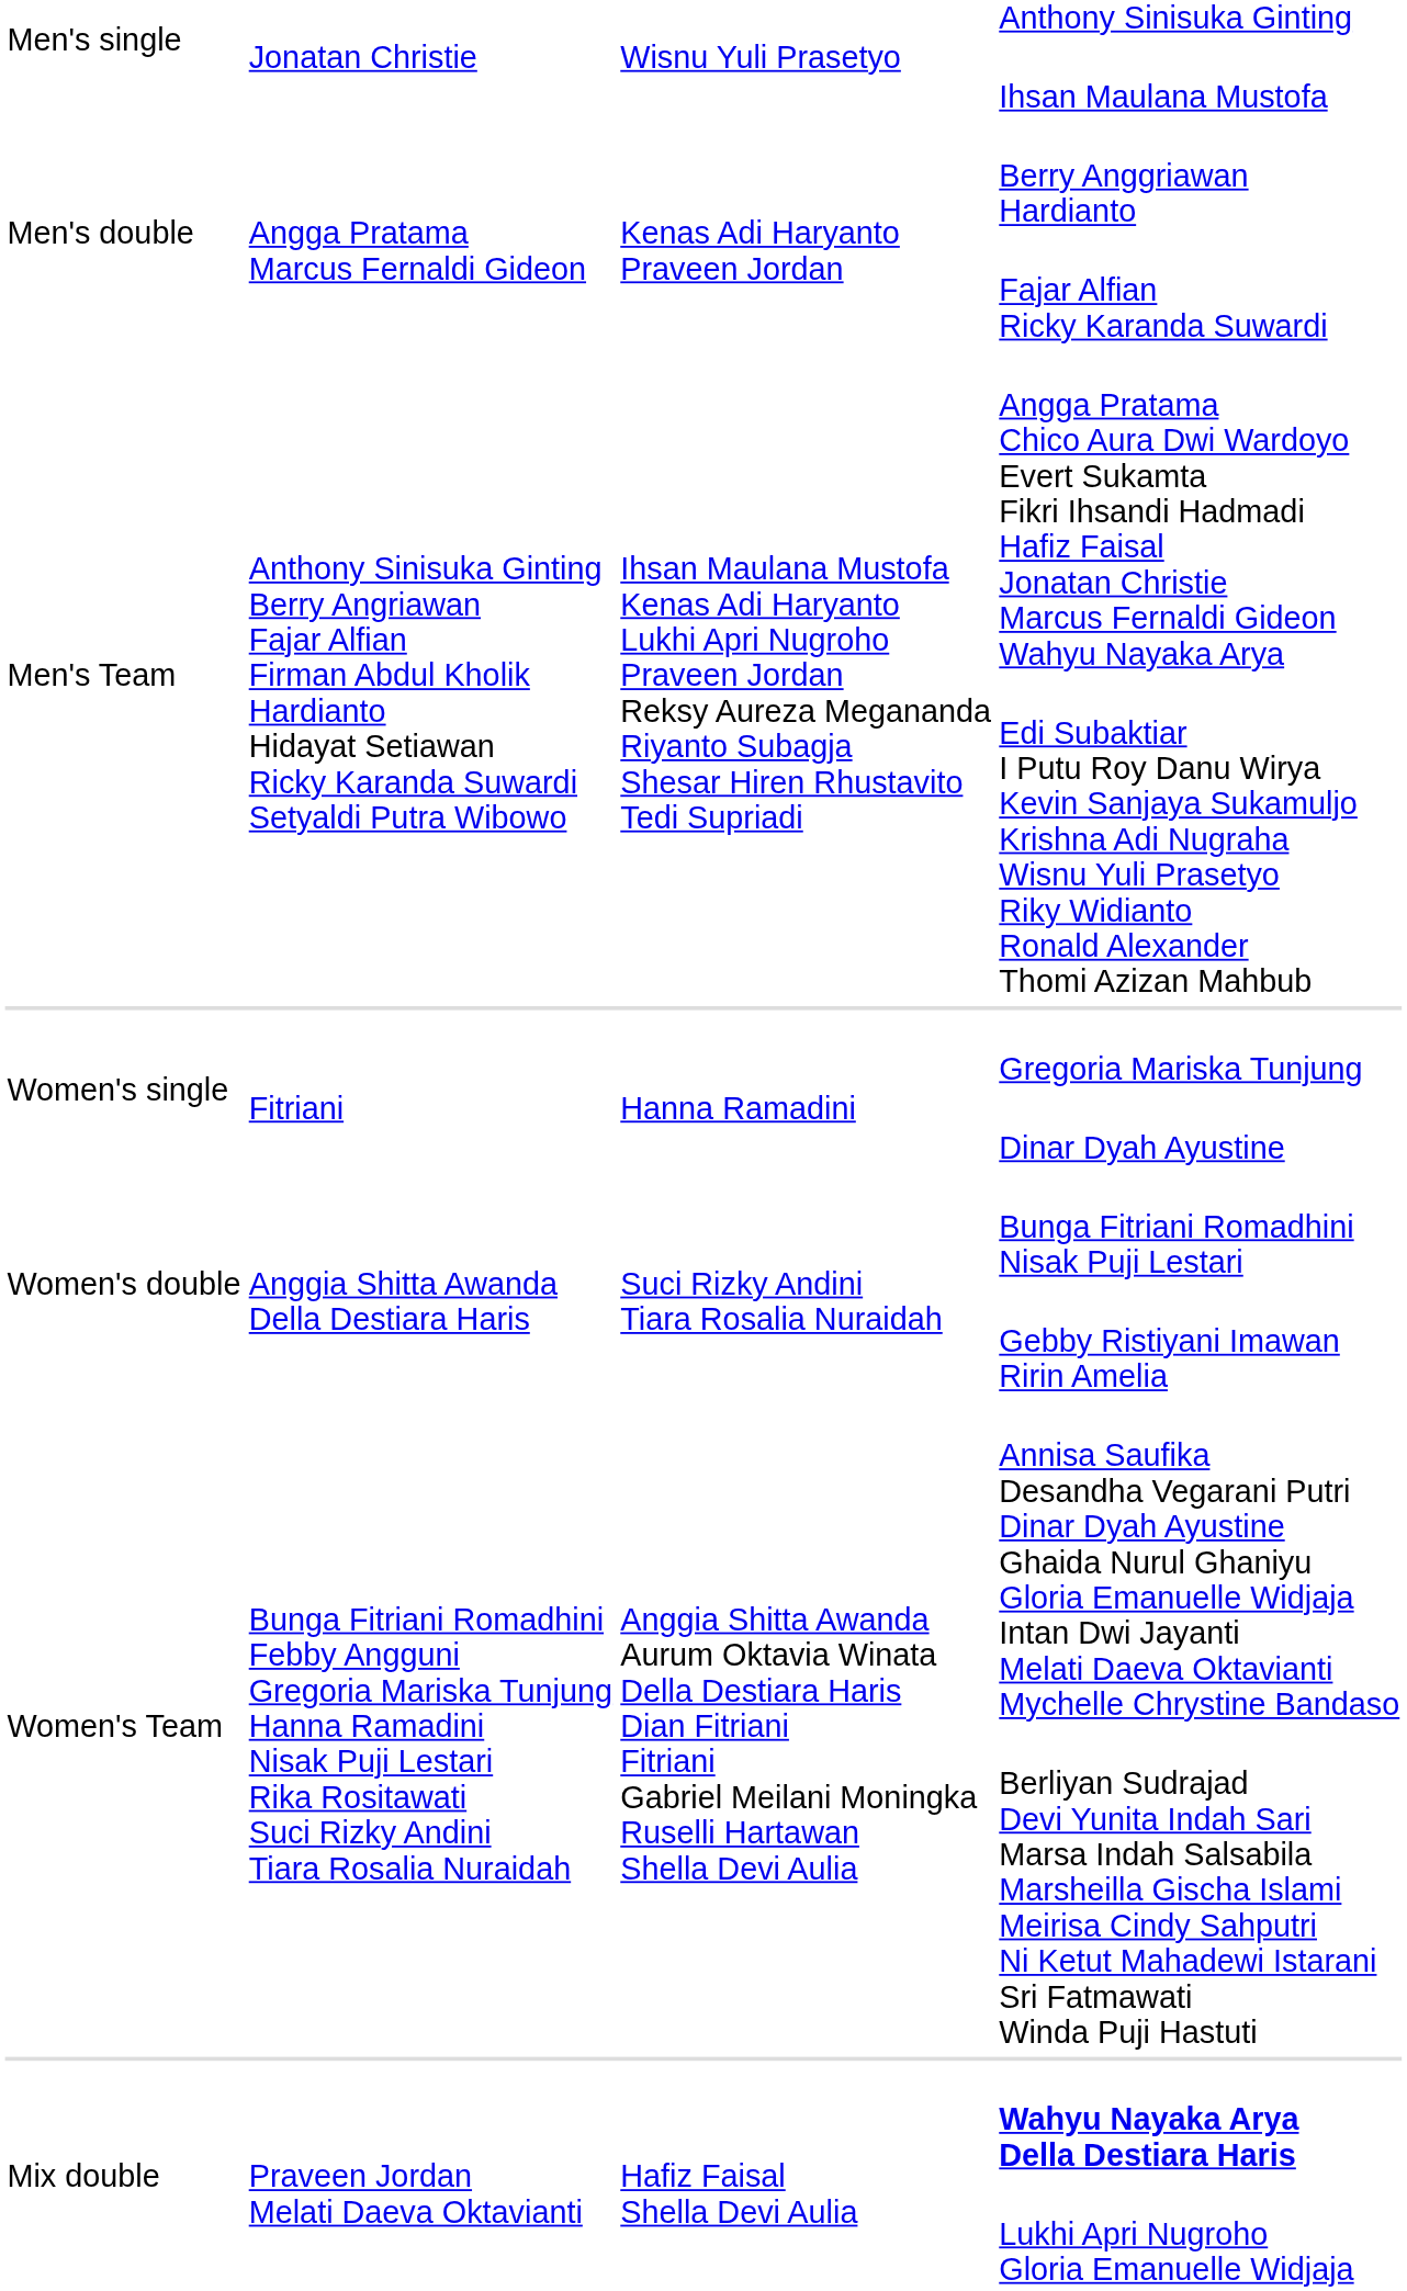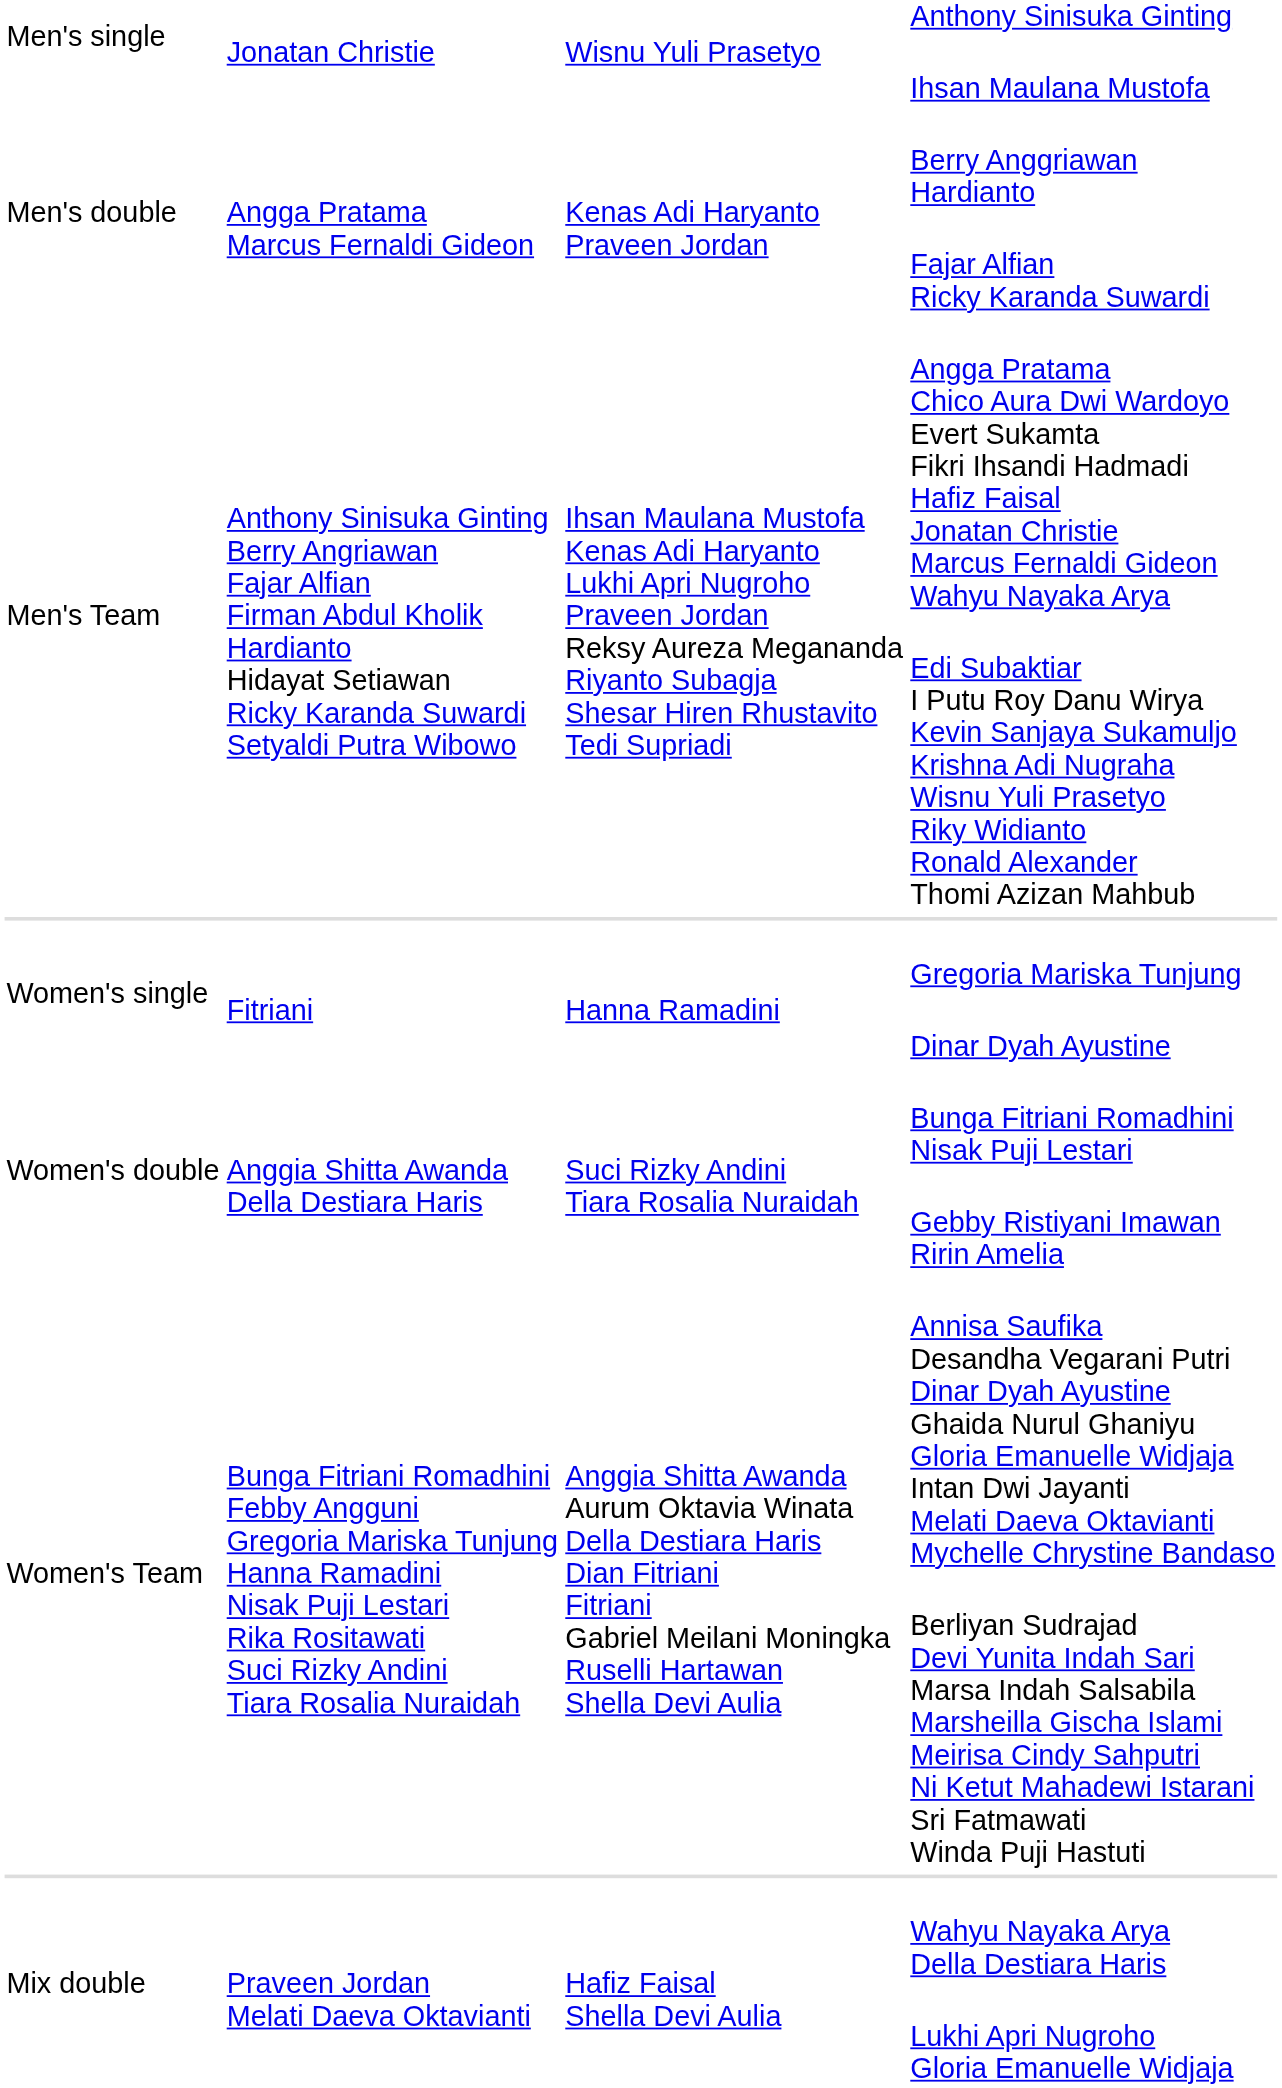 <table>
 <tr>
 <td rowspan=2>Men's single</td>
 <td rowspan=2><br><a href='#'>Jonatan Christie</a></td>
 <td rowspan=2><br><a href='#'>Wisnu Yuli Prasetyo</a></td>
 <td><br><a href='#'>Anthony Sinisuka Ginting</a></td>
 </tr>
 <tr>
 <td><br><a href='#'>Ihsan Maulana Mustofa</a></td>
 </tr>
 <tr>
 <td rowspan=2>Men's double</td>
 <td rowspan=2><br><a href='#'>Angga Pratama</a><br><a href='#'>Marcus Fernaldi Gideon</a></td>
 <td rowspan=2><br><a href='#'>Kenas Adi Haryanto</a><br><a href='#'>Praveen Jordan</a></td>
 <td><br><a href='#'>Berry Anggriawan</a><br><a href='#'>Hardianto</a></td>
 </tr>
 <tr>
 <td><br><a href='#'>Fajar Alfian</a><br><a href='#'>Ricky Karanda Suwardi</a></td>
 </tr>
 <tr>
 <td rowspan=2>Men's Team</td>
 <td rowspan=2><br><a href='#'>Anthony Sinisuka Ginting</a><br><a href='#'>Berry Angriawan</a><br><a href='#'>Fajar Alfian</a><br><a href='#'>Firman Abdul Kholik</a><br><a href='#'>Hardianto</a><br>Hidayat Setiawan<br><a href='#'>Ricky Karanda Suwardi</a><br><a href='#'>Setyaldi Putra Wibowo</a></td>
 <td rowspan=2><br><a href='#'>Ihsan Maulana Mustofa</a><br><a href='#'>Kenas Adi Haryanto</a><br><a href='#'>Lukhi Apri Nugroho</a><br><a href='#'>Praveen Jordan</a><br>Reksy Aureza Megananda<br><a href='#'>Riyanto Subagja</a><br><a href='#'>Shesar Hiren Rhustavito</a><br><a href='#'>Tedi Supriadi</a></td>
 <td><br><a href='#'>Angga Pratama</a><br><a href='#'>Chico Aura Dwi Wardoyo</a><br>Evert Sukamta<br>Fikri Ihsandi Hadmadi<br><a href='#'>Hafiz Faisal</a><br><a href='#'>Jonatan Christie</a><br><a href='#'>Marcus Fernaldi Gideon</a><br><a href='#'>Wahyu Nayaka Arya</a></td>
 </tr>
 <tr>
 <td><br><a href='#'>Edi Subaktiar</a><br>I Putu Roy Danu Wirya<br><a href='#'>Kevin Sanjaya Sukamuljo</a><br><a href='#'>Krishna Adi Nugraha</a><br><a href='#'>Wisnu Yuli Prasetyo</a><br><a href='#'>Riky Widianto</a><br><a href='#'>Ronald Alexander</a><br>Thomi Azizan Mahbub</td>
 </tr>
 <tr bgcolor=#DDDDDD>
 <td colspan=4></td>
 </tr>
 <tr>
 <td rowspan=2>Women's single</td>
 <td rowspan=2><br><a href='#'>Fitriani</a></td>
 <td rowspan=2><br><a href='#'>Hanna Ramadini</a></td>
 <td><br><a href='#'>Gregoria Mariska Tunjung</a></td>
 </tr>
 <tr>
 <td><br><a href='#'>Dinar Dyah Ayustine</a></td>
 </tr>
 <tr>
 <td rowspan=2>Women's double</td>
 <td rowspan=2><br><a href='#'>Anggia Shitta Awanda</a><br><a href='#'>Della Destiara Haris</a></td>
 <td rowspan=2><br><a href='#'>Suci Rizky Andini</a><br><a href='#'>Tiara Rosalia Nuraidah</a></td>
 <td><br><a href='#'>Bunga Fitriani Romadhini</a><br><a href='#'>Nisak Puji Lestari</a></td>
 </tr>
 <tr>
 <td><br><a href='#'>Gebby Ristiyani Imawan</a><br><a href='#'>Ririn Amelia</a></td>
 </tr>
 <tr>
 <td rowspan=2>Women's Team</td>
 <td rowspan=2><br><a href='#'>Bunga Fitriani Romadhini</a><br><a href='#'>Febby Angguni</a><br><a href='#'>Gregoria Mariska Tunjung</a><br><a href='#'>Hanna Ramadini</a><br><a href='#'>Nisak Puji Lestari</a><br><a href='#'>Rika Rositawati</a><br><a href='#'>Suci Rizky Andini</a><br><a href='#'>Tiara Rosalia Nuraidah</a></td>
 <td rowspan=2><br><a href='#'>Anggia Shitta Awanda</a><br>Aurum Oktavia Winata<br><a href='#'>Della Destiara Haris</a><br><a href='#'>Dian Fitriani</a><br><a href='#'>Fitriani</a><br>Gabriel Meilani Moningka<br><a href='#'>Ruselli Hartawan</a><br><a href='#'>Shella Devi Aulia</a></td>
 <td><br><a href='#'>Annisa Saufika</a><br>Desandha Vegarani Putri<br><a href='#'>Dinar Dyah Ayustine</a><br>Ghaida Nurul Ghaniyu<br><a href='#'>Gloria Emanuelle Widjaja</a><br>Intan Dwi Jayanti<br><a href='#'>Melati Daeva Oktavianti</a><br><a href='#'>Mychelle Chrystine Bandaso</a><br></td>
 </tr>
 <tr>
 <td><br>Berliyan Sudrajad<br><a href='#'>Devi Yunita Indah Sari</a><br>Marsa Indah Salsabila<br><a href='#'>Marsheilla Gischa Islami</a><br><a href='#'>Meirisa Cindy Sahputri</a><br><a href='#'>Ni Ketut Mahadewi Istarani</a><br>Sri Fatmawati<br>Winda Puji Hastuti</td>
 </tr>
 <tr bgcolor=#DDDDDD>
 <td colspan=4></td>
 </tr>
 <tr>
 <td rowspan=2>Mix double</td>
 <td rowspan=2><br><a href='#'>Praveen Jordan</a><br><a href='#'>Melati Daeva Oktavianti</a></td>
 <td rowspan=2><br><a href='#'>Hafiz Faisal</a><br><a href='#'>Shella Devi Aulia</a></td>
-<td><strong><br><a href='#'>Wahyu Nayaka Arya</a><br><a href='#'>Della Destiara Haris</a></strong></td>
+<td><br><a href='#'>Wahyu Nayaka Arya</a><br><a href='#'>Della Destiara Haris</a></td>
 </tr>
 <tr>
 <td><br><a href='#'>Lukhi Apri Nugroho</a><br><a href='#'>Gloria Emanuelle Widjaja</a></td>
 </tr>
 </table>
